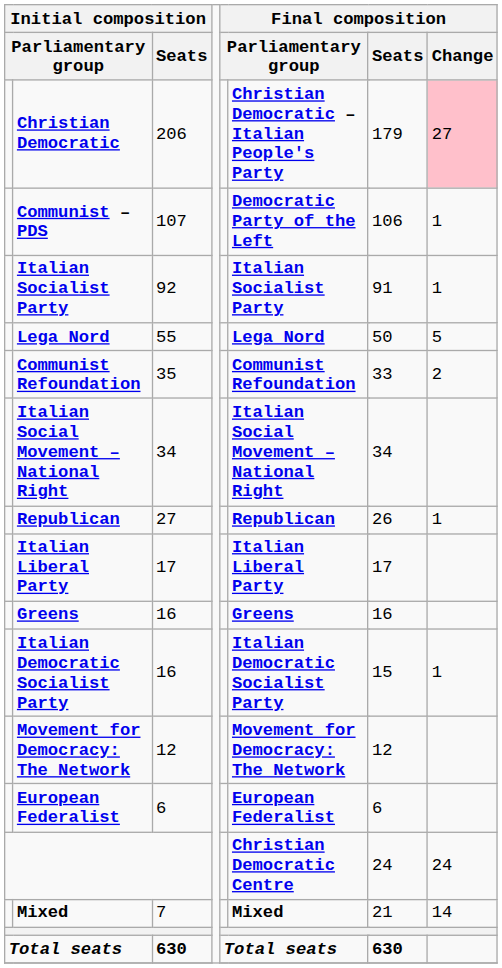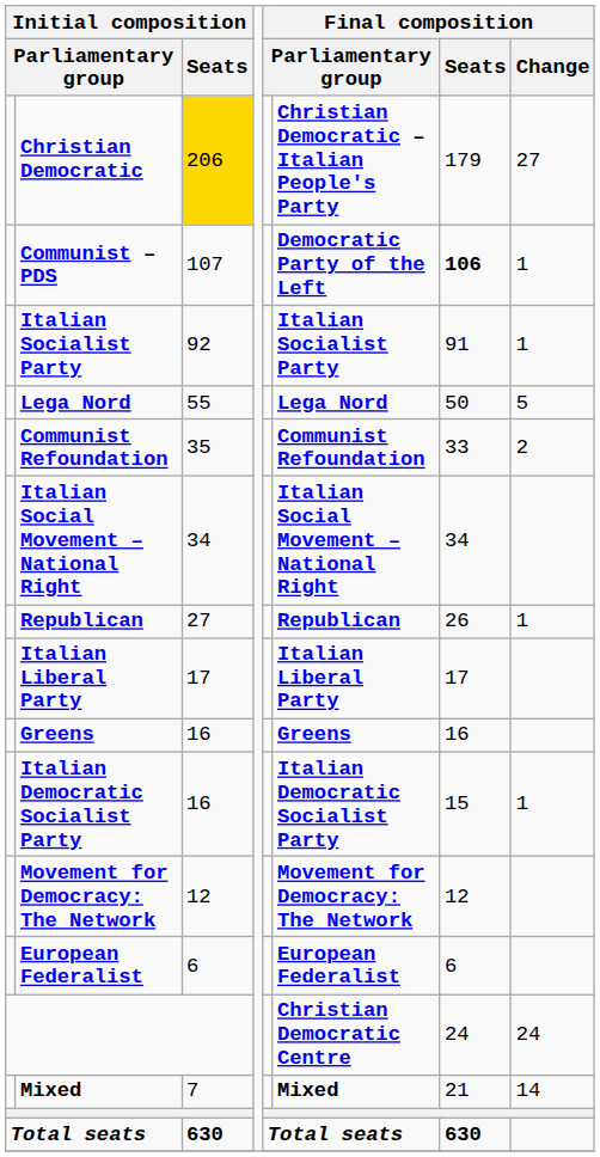 <table class="wikitable" style="width : 60%;">
 <tr>
 <th colspan="4">Initial composition</th>
 <td rowspan="30" style="width : 1%;"></td>
 <th colspan="5">Final composition</th>
 </tr>
 <tr>
 <th colspan="3">Parliamentary group</th>
 <th>Seats</th>
 <th colspan="3">Parliamentary group</th>
 <th>Seats</th>
 <th>Change</th>
 </tr>
 <tr>
 <td></td>
 <td colspan = "2"><strong><a href='#'>Christian Democratic</a></strong></td>
-<td>206</td>
+<td style="background: gold;">206</td>
 <td></td>
 <td colspan = "2"><strong><a href='#'>Christian Democratic</a> – <a href='#'>Italian People's Party</a></strong></td>
 <td>179</td>
-<td style="background: pink;"> 27</td>
+<td> 27</td>
 </tr>
 <tr>
 <td></td>
 <td colspan = "2"><strong><a href='#'>Communist</a> – <a href='#'>PDS</a></strong></td>
 <td>107</td>
 <td></td>
 <td colspan = "2"><strong><a href='#'>Democratic Party of the Left</a></strong></td>
-<td>106</td>
+<td><strong>106</strong></td>
 <td> 1</td>
 </tr>
 <tr>
 <td></td>
 <td colspan = "2"><strong><a href='#'>Italian Socialist Party</a></strong></td>
 <td>92</td>
 <td></td>
 <td colspan = "2"><strong><a href='#'>Italian Socialist Party</a></strong></td>
 <td>91</td>
 <td> 1</td>
 </tr>
 <tr>
 <td></td>
 <td colspan = "2"><strong><a href='#'>Lega Nord</a></strong></td>
 <td>55</td>
 <td></td>
 <td colspan = "2"><strong><a href='#'>Lega Nord</a></strong></td>
 <td>50</td>
 <td> 5</td>
 </tr>
 <tr>
 <td></td>
 <td colspan = "2"><strong><a href='#'>Communist Refoundation</a></strong></td>
 <td>35</td>
 <td></td>
 <td colspan = "2"><strong><a href='#'>Communist Refoundation</a></strong></td>
 <td>33</td>
 <td> 2</td>
 </tr>
 <tr>
 <td></td>
 <td colspan = "2"><strong><a href='#'>Italian Social Movement – National Right</a></strong></td>
 <td>34</td>
 <td></td>
 <td colspan = "2"><strong><a href='#'>Italian Social Movement – National Right</a></strong></td>
 <td>34</td>
 <td></td>
 </tr>
 <tr>
 <td></td>
 <td colspan = "2"><strong><a href='#'>Republican</a></strong></td>
 <td>27</td>
 <td></td>
 <td colspan = "2"><strong><a href='#'>Republican</a></strong></td>
 <td>26</td>
 <td> 1</td>
 </tr>
 <tr>
 <td></td>
 <td colspan = "2"><strong><a href='#'>Italian Liberal Party</a></strong></td>
 <td>17</td>
 <td></td>
 <td colspan = "2"><strong><a href='#'>Italian Liberal Party</a></strong></td>
 <td>17</td>
 <td></td>
 </tr>
 <tr>
 <td></td>
 <td colspan = "2"><strong><a href='#'>Greens</a></strong></td>
 <td>16</td>
 <td></td>
 <td colspan = "2"><strong><a href='#'>Greens</a></strong></td>
 <td>16</td>
 <td></td>
 </tr>
 <tr>
 <td></td>
 <td colspan = "2"><strong><a href='#'>Italian Democratic Socialist Party</a></strong></td>
 <td>16</td>
 <td></td>
 <td colspan = "2"><strong><a href='#'>Italian Democratic Socialist Party</a></strong></td>
 <td>15</td>
 <td> 1</td>
 </tr>
 <tr>
 <td></td>
 <td colspan = "2"><strong><a href='#'>Movement for Democracy: The Network</a></strong></td>
 <td>12</td>
 <td></td>
 <td colspan = "2"><strong><a href='#'>Movement for Democracy: The Network</a></strong></td>
 <td>12</td>
 <td></td>
 </tr>
 <tr>
 <td></td>
 <td colspan = "2"><strong><a href='#'>European Federalist</a></strong></td>
 <td>6</td>
 <td></td>
 <td colspan = "2"><strong><a href='#'>European Federalist</a></strong></td>
 <td>6</td>
 <td></td>
 </tr>
 <tr>
 <td colspan = "4"></td>
 <td></td>
 <td colspan = "2"><strong><a href='#'>Christian Democratic Centre</a></strong></td>
 <td>24</td>
 <td> 24</td>
 </tr>
 <tr>
 <td></td>
 <td colspan = "2"><strong>Mixed</strong></td>
 <td>7</td>
 <td></td>
 <td colspan = "2"><strong>Mixed</strong></td>
 <td>21</td>
 <td> 14</td>
 </tr>
 <tr>
 <th colspan="4"></th>
 <th colspan="5"></th>
 </tr>
 <tr>
 <td colspan="3"><strong><em>Total seats</em></strong></td>
 <td><strong>630</strong></td>
 <td colspan="3"><strong><em>Total seats</em></strong></td>
 <td><strong>630</strong></td>
 <td></td>
 </tr>
 <tr>
 </tr>
 </table>
